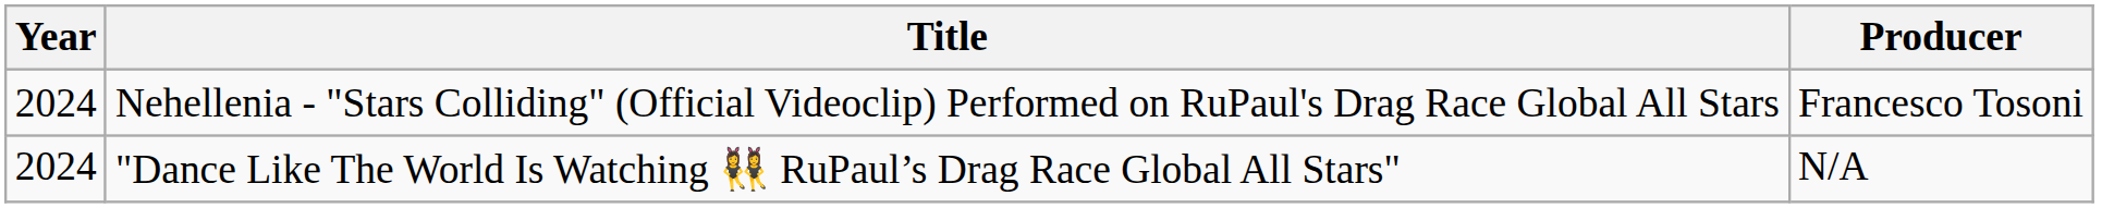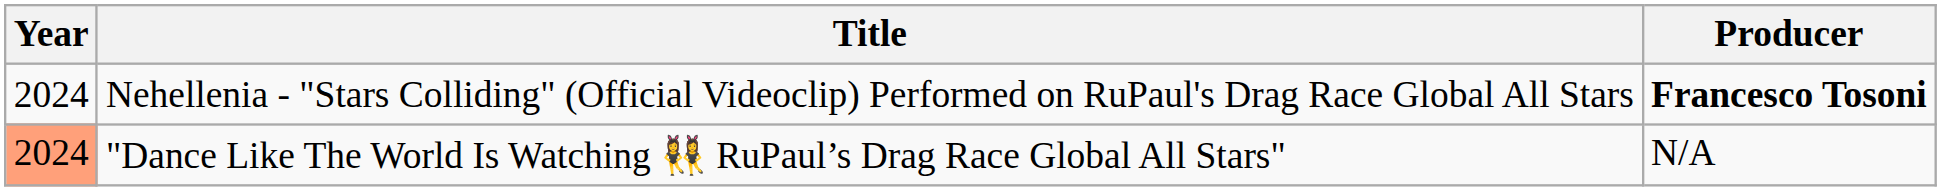 <table class="wikitable plainrowheaders" style="text-align:left;">
 <tr>
 <th>Year</th>
 <th>Title</th>
 <th>Producer</th>
 </tr>
 <tr>
 <td>2024</td>
 <td>Nehellenia - "Stars Colliding" (Official Videoclip) Performed on RuPaul's Drag Race Global All Stars</td>
-<td>Francesco Tosoni</td>
+<td><strong>Francesco Tosoni</strong></td>
 </tr>
 <tr>
-<td>2024</td>
+<td style="background: lightsalmon;">2024</td>
 <td>"Dance Like The World Is Watching 👯‍♀️ RuPaul’s Drag Race Global All Stars"</td>
 <td>N/A</td>
 </tr>
 </table>
